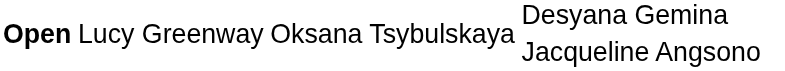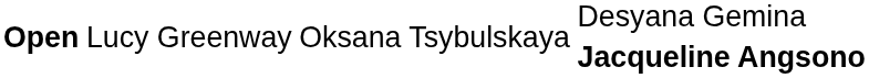 <table>
 <tr>
 <th scope=row rowspan=2>Open</th>
 <td rowspan=2> Lucy Greenway</td>
 <td rowspan=2> Oksana Tsybulskaya</td>
 <td> Desyana Gemina</td>
 </tr>
 <tr>
-<td> Jacqueline Angsono</td>
+<td><strong> Jacqueline Angsono</strong></td>
 </tr>
 <tr>
 </tr>
 </table>
